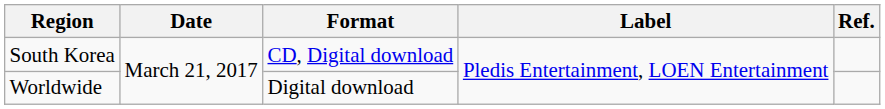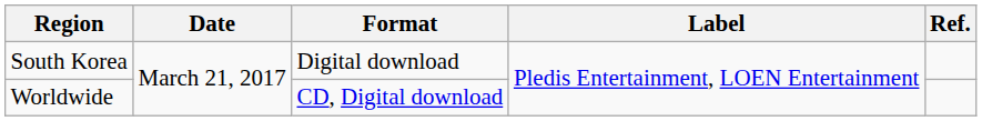 <table class="wikitable">
 <tr>
 <th>Region</th>
 <th>Date</th>
 <th>Format</th>
 <th>Label</th>
 <th>Ref.</th>
 </tr>
 <tr>
 <td>South Korea</td>
 <td rowspan="2">March 21, 2017</td>
-<td><a href='#'>CD</a>, <a href='#'>Digital download</a></td>
+<td>Digital download</td>
 <td rowspan="2"><a href='#'>Pledis Entertainment</a>, <a href='#'>LOEN Entertainment</a></td>
 <td align="center"></td>
 </tr>
 <tr>
 <td>Worldwide</td>
-<td>Digital download</td>
+<td><a href='#'>CD</a>, <a href='#'>Digital download</a></td>
 <td align="center"></td>
 </tr>
 </table>
